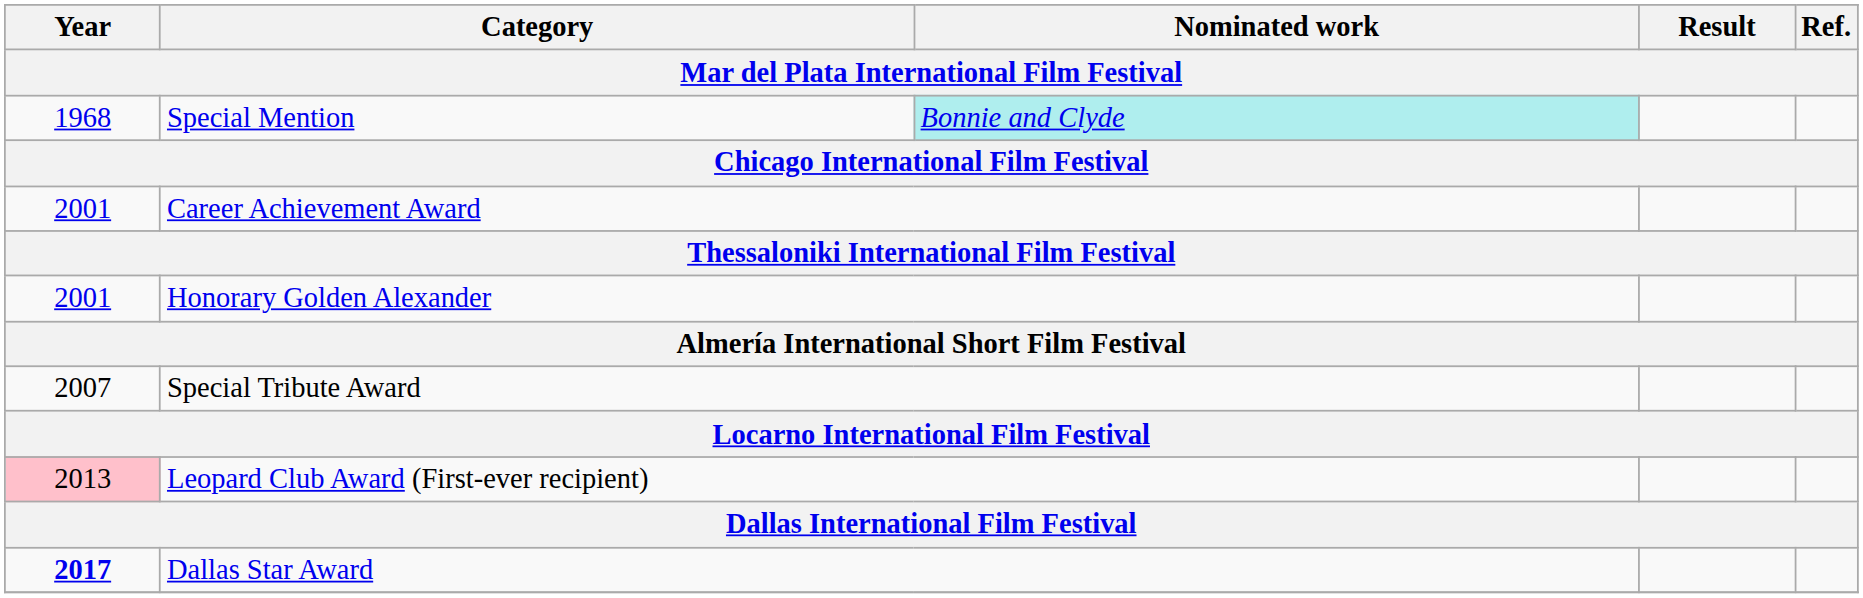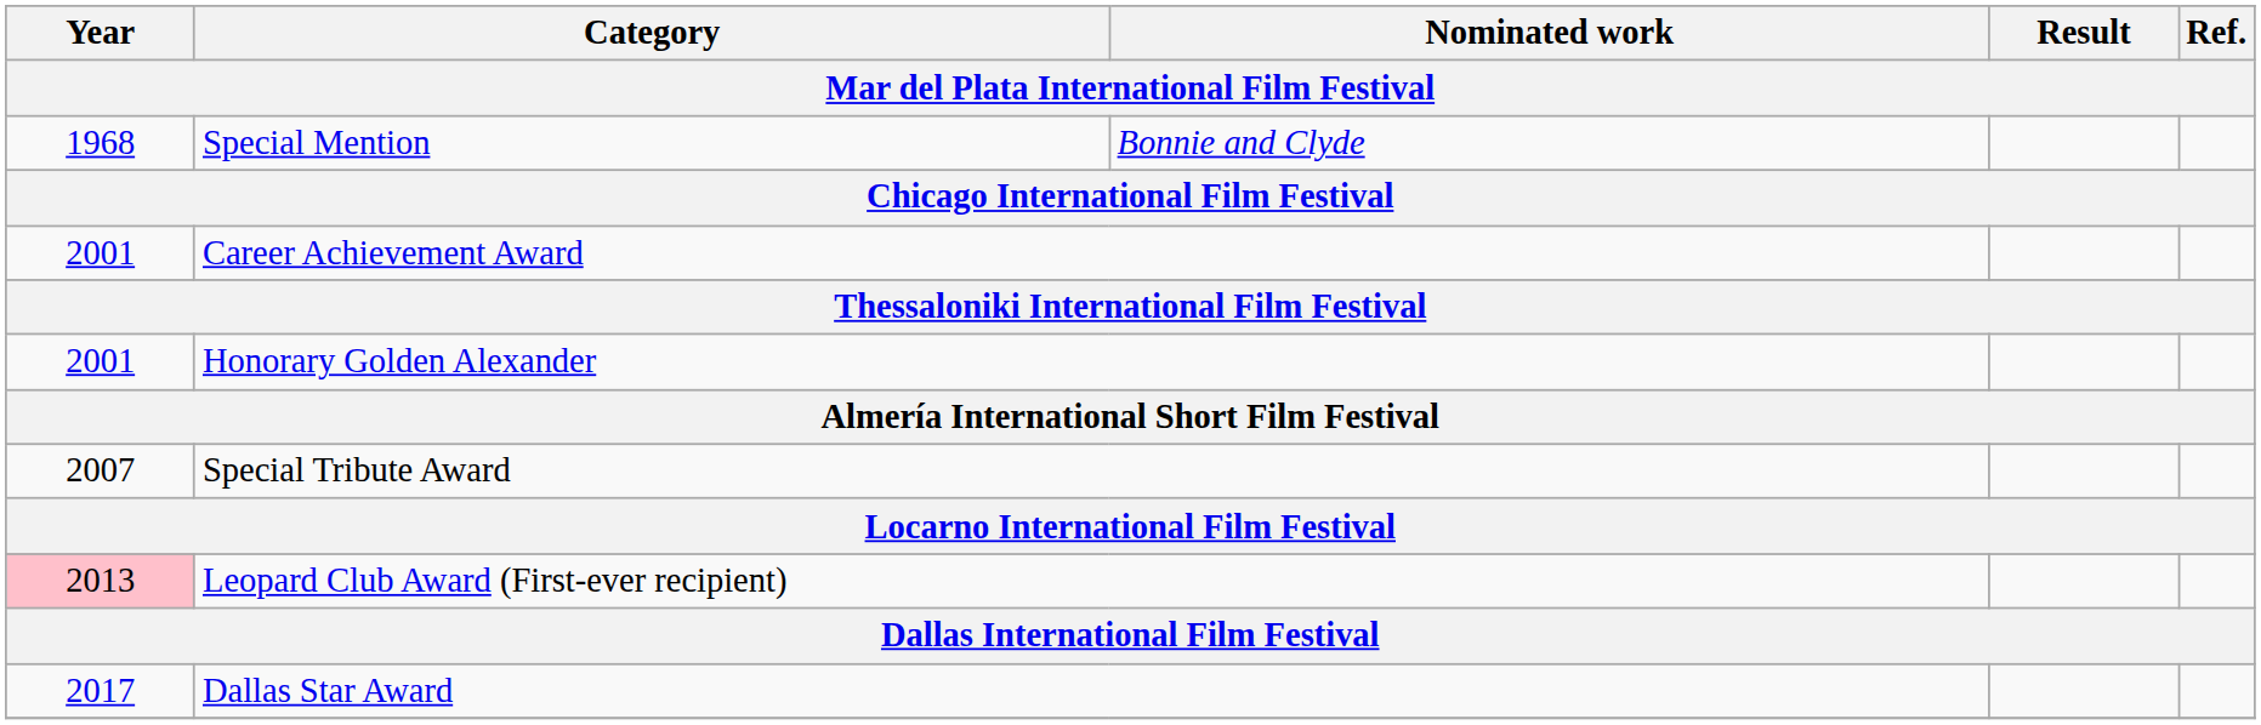 <table class=wikitable>
 <tr>
 <th scope="col" style="width:5em;">Year</th>
 <th scope="col" style="width:26em;">Category</th>
 <th scope="col" style="width:25em;">Nominated work</th>
 <th scope="col" style="width:5em;">Result</th>
 <th>Ref.</th>
 </tr>
 <tr>
 <th colspan="5"><a href='#'>Mar del Plata International Film Festival</a></th>
 </tr>
 <tr>
 <td style="text-align:center;"><a href='#'>1968</a></td>
 <td><a href='#'>Special Mention</a></td>
-<td style="background: paleturquoise;"><em><a href='#'>Bonnie and Clyde</a></em></td>
+<td><em><a href='#'>Bonnie and Clyde</a></em></td>
 <td></td>
 <td style="text-align:center;"></td>
 </tr>
 <tr>
 <th colspan="5"><a href='#'>Chicago International Film Festival</a></th>
 </tr>
 <tr>
 <td style="text-align:center;"><a href='#'>2001</a></td>
 <td colspan=2><a href='#'>Career Achievement Award</a></td>
 <td></td>
 <td style="text-align:center;"></td>
 </tr>
 <tr>
 <th colspan="5"><a href='#'>Thessaloniki International Film Festival</a></th>
 </tr>
 <tr>
 <td style="text-align:center;"><a href='#'>2001</a></td>
 <td colspan=2><a href='#'>Honorary Golden Alexander</a></td>
 <td></td>
 <td style="text-align:center;"></td>
 </tr>
 <tr>
 <th colspan="5">Almería International Short Film Festival</th>
 </tr>
 <tr>
 <td style="text-align:center;">2007</td>
 <td colspan=2>Special Tribute Award</td>
 <td></td>
 <td style="text-align:center;"></td>
 </tr>
 <tr>
 <th colspan="5"><a href='#'>Locarno International Film Festival</a></th>
 </tr>
 <tr>
 <td style="background: pink; text-align:center;">2013</td>
 <td colspan=2><a href='#'>Leopard Club Award</a> (First-ever recipient)</td>
 <td></td>
 <td style="text-align:center;"></td>
 </tr>
 <tr>
 <th colspan="5"><a href='#'>Dallas International Film Festival</a></th>
 </tr>
 <tr>
-<td style="text-align:center;"><strong><a href='#'>2017</a></strong></td>
+<td style="text-align:center;"><a href='#'>2017</a></td>
 <td colspan=2><a href='#'>Dallas Star Award</a></td>
 <td></td>
 <td style="text-align:center;"></td>
 </tr>
 <tr>
 </tr>
 </table>
